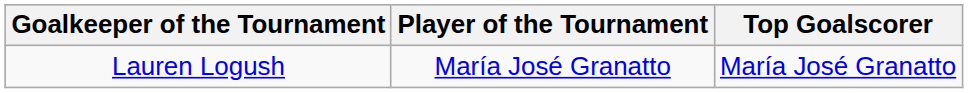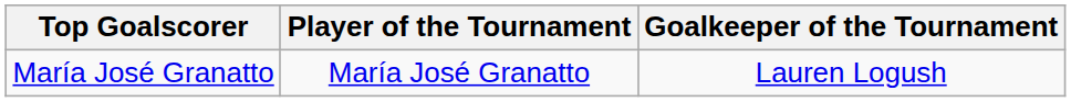 <table class=wikitable style="margin:auto; text-align:center">
 <tr>
+<th>Top Goalscorer</th>
+<th>Player of the Tournament</th>
 <th>Goalkeeper of the Tournament</th>
-<th>Player of the Tournament</th>
-<th>Top Goalscorer</th>
 </tr>
 <tr>
-<td> <a href='#'>Lauren Logush</a></td>
 <td> <a href='#'>María José Granatto</a></td>
 <td> <a href='#'>María José Granatto</a></td>
+<td> <a href='#'>Lauren Logush</a></td>
 </tr>
 </table>
